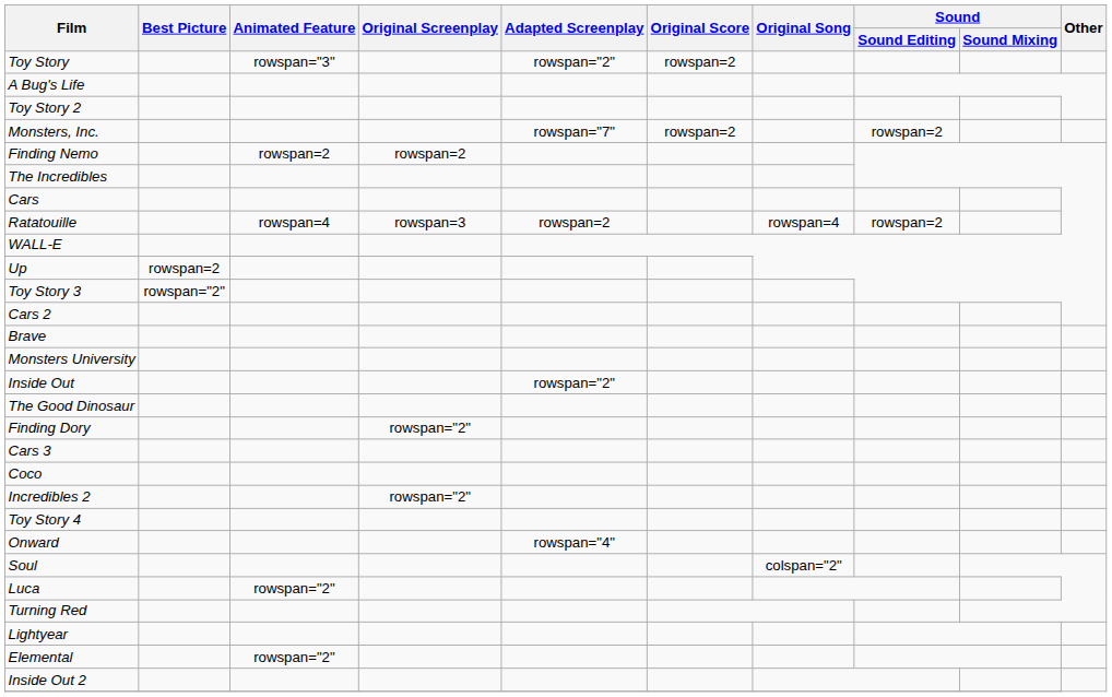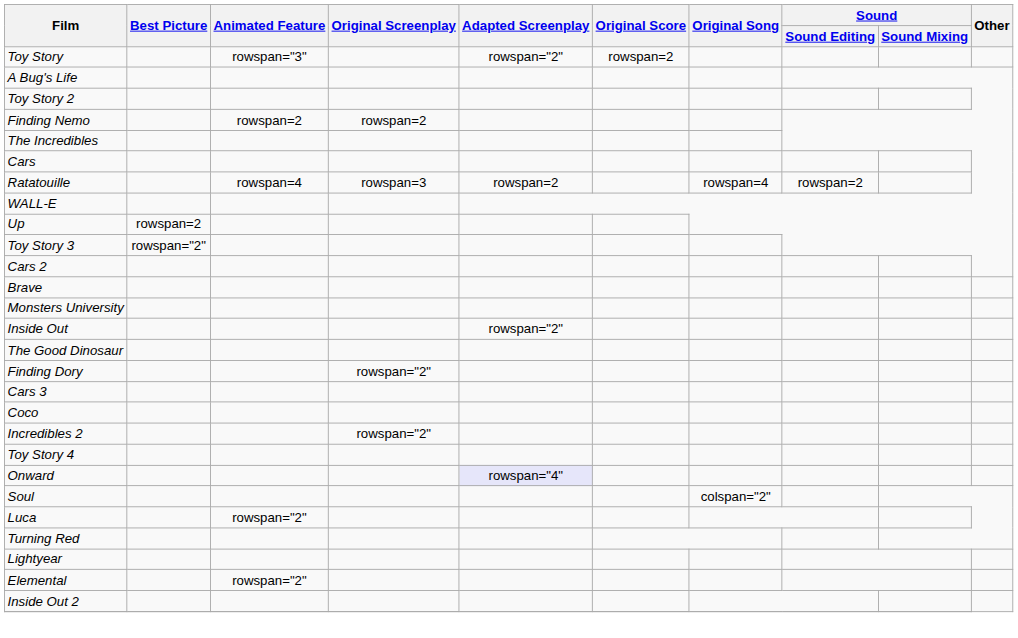 <table class="wikitable sortable" style="text-align:center; margin=auto; font-size:90%">
 <tr>
 <th scope="col" rowspan="2">Film</th>
 <th scope="col" rowspan="2"><a href='#'>Best Picture</a></th>
 <th scope="col" rowspan="2"><a href='#'>Animated Feature</a></th>
 <th scope="col" rowspan="2"><a href='#'>Original Screenplay</a></th>
 <th scope="col" rowspan="2"><a href='#'>Adapted Screenplay</a></th>
 <th scope="col" rowspan="2"><a href='#'>Original Score</a></th>
 <th scope="col" rowspan="2"><a href='#'>Original Song</a></th>
 <th scope="col" colspan="2" class=sortable><a href='#'>Sound</a></th>
 <th scope="col" rowspan="2" class=unsortable>Other</th>
 </tr>
 <tr>
 <th scope="col"><a href='#'>Sound Editing</a></th>
 <th scope="col"><a href='#'>Sound Mixing</a></th>
 </tr>
 <tr>
 <td style="text-align:left;"><em>Toy Story</em></td>
 <td></td>
 <td>rowspan="3" </td>
 <td></td>
 <td>rowspan="2" </td>
 <td>rowspan=2 </td>
 <td></td>
 <td></td>
 <td></td>
 <td></td>
 </tr>
 <tr>
 <td style="text-align:left;"><em>A Bug's Life</em></td>
 <td></td>
 <td></td>
 <td></td>
 <td></td>
 <td></td>
 <td></td>
 </tr>
 <tr>
 <td style="text-align:left;"><em>Toy Story 2</em></td>
 <td></td>
 <td></td>
 <td></td>
 <td></td>
 <td></td>
 <td></td>
-<td></td>
-<td></td>
-</tr>
-<tr>
-<td style="text-align:left;"><em>Monsters, Inc.</em></td>
-<td></td>
-<td></td>
-<td></td>
-<td>rowspan="7" </td>
-<td>rowspan=2 </td>
-<td></td>
-<td>rowspan=2 </td>
 <td></td>
 <td></td>
 </tr>
 <tr>
 <td style="text-align:left;"><em>Finding Nemo</em></td>
 <td></td>
 <td>rowspan=2 </td>
 <td>rowspan=2 </td>
 <td></td>
 <td></td>
 <td></td>
 </tr>
 <tr>
 <td style="text-align:left;"><em>The Incredibles</em></td>
 <td></td>
 <td></td>
 <td></td>
 <td></td>
 <td></td>
 <td></td>
 </tr>
 <tr>
 <td style="text-align:left;"><em>Cars</em></td>
 <td></td>
 <td></td>
 <td></td>
 <td></td>
 <td></td>
 <td></td>
 <td></td>
 <td></td>
 </tr>
 <tr>
 <td style="text-align:left;"><em>Ratatouille</em></td>
 <td></td>
 <td>rowspan=4 </td>
 <td>rowspan=3 </td>
 <td>rowspan=2 </td>
 <td></td>
 <td>rowspan=4 </td>
 <td>rowspan=2 </td>
 <td></td>
 </tr>
 <tr>
 <td style="text-align:left;"><em>WALL-E</em></td>
 <td></td>
 <td></td>
 <td></td>
 </tr>
 <tr>
 <td style="text-align:left;"><em>Up</em></td>
 <td>rowspan=2 </td>
 <td></td>
 <td></td>
 <td></td>
 <td></td>
 </tr>
 <tr>
 <td style="text-align:left;"><em>Toy Story 3</em></td>
 <td>rowspan="2" </td>
 <td></td>
 <td></td>
 <td></td>
 <td></td>
 <td></td>
 </tr>
 <tr>
 <td style="text-align:left;"><em>Cars 2</em></td>
 <td></td>
 <td></td>
 <td></td>
 <td></td>
 <td></td>
 <td></td>
 <td></td>
 <td></td>
 </tr>
 <tr>
 <td style="text-align:left;"><em>Brave</em></td>
 <td></td>
 <td></td>
 <td></td>
 <td></td>
 <td></td>
 <td></td>
 <td></td>
 <td></td>
 <td></td>
 </tr>
 <tr>
 <td style="text-align:left;"><em>Monsters University</em></td>
 <td></td>
 <td></td>
 <td></td>
 <td></td>
 <td></td>
 <td></td>
 <td></td>
 <td></td>
 <td></td>
 </tr>
 <tr>
 <td style="text-align:left;"><em>Inside Out</em></td>
 <td></td>
 <td></td>
 <td></td>
 <td>rowspan="2" </td>
 <td></td>
 <td></td>
 <td></td>
 <td></td>
 <td></td>
 </tr>
 <tr>
 <td style="text-align:left;"><em>The Good Dinosaur</em></td>
 <td></td>
 <td></td>
 <td></td>
 <td></td>
 <td></td>
 <td></td>
 <td></td>
 <td></td>
 </tr>
 <tr>
 <td style="text-align:left;"><em>Finding Dory</em></td>
 <td></td>
 <td></td>
 <td>rowspan="2" </td>
 <td></td>
 <td></td>
 <td></td>
 <td></td>
 <td></td>
 <td></td>
 </tr>
 <tr>
 <td style="text-align:left;"><em>Cars 3</em></td>
 <td></td>
 <td></td>
 <td></td>
 <td></td>
 <td></td>
 <td></td>
 <td></td>
 <td></td>
 </tr>
 <tr>
 <td style="text-align:left;"><em>Coco</em></td>
 <td></td>
 <td></td>
 <td></td>
 <td></td>
 <td></td>
 <td></td>
 <td></td>
 <td></td>
 <td></td>
 </tr>
 <tr>
 <td style="text-align:left;"><em>Incredibles 2</em></td>
 <td></td>
 <td></td>
 <td>rowspan="2" </td>
 <td></td>
 <td></td>
 <td></td>
 <td></td>
 <td></td>
 <td></td>
 </tr>
 <tr>
 <td style="text-align:left;"><em>Toy Story 4</em></td>
 <td></td>
 <td></td>
 <td></td>
 <td></td>
 <td></td>
 <td></td>
 <td></td>
 <td></td>
 </tr>
 <tr>
 <td style="text-align:left;"><em>Onward</em></td>
 <td></td>
 <td></td>
 <td></td>
-<td>rowspan="4" </td>
+<td style="background: lavender;">rowspan="4" </td>
 <td></td>
 <td></td>
 <td></td>
 <td></td>
 <td></td>
 </tr>
 <tr>
 <td style="text-align:left;"><em>Soul</em></td>
 <td></td>
 <td></td>
 <td></td>
 <td></td>
 <td></td>
 <td>colspan="2" </td>
 <td></td>
 </tr>
 <tr>
 <td style="text-align:left;"><em>Luca</em></td>
 <td></td>
 <td>rowspan="2" </td>
 <td></td>
 <td></td>
 <td></td>
 <td colspan="2"></td>
 <td></td>
 </tr>
 <tr>
 <td style="text-align:left;"><em>Turning Red</em></td>
 <td></td>
 <td></td>
 <td></td>
 <td></td>
 <td colspan="2"></td>
 <td></td>
 </tr>
 <tr>
 <td style="text-align:left;"><em>Lightyear</em></td>
 <td></td>
 <td></td>
 <td></td>
 <td></td>
 <td></td>
 <td></td>
 <td colspan="2"></td>
 <td></td>
 </tr>
 <tr>
 <td style="text-align:left;"><em>Elemental</em></td>
 <td></td>
 <td>rowspan="2" </td>
 <td></td>
 <td></td>
 <td></td>
 <td></td>
 <td colspan="2"></td>
 <td></td>
 </tr>
 <tr>
 <td style="text-align:left;"><em>Inside Out 2</em></td>
 <td></td>
 <td></td>
 <td></td>
 <td></td>
 <td></td>
 <td colspan="2"></td>
 <td></td>
 </tr>
 <tr>
 </tr>
 </table>
